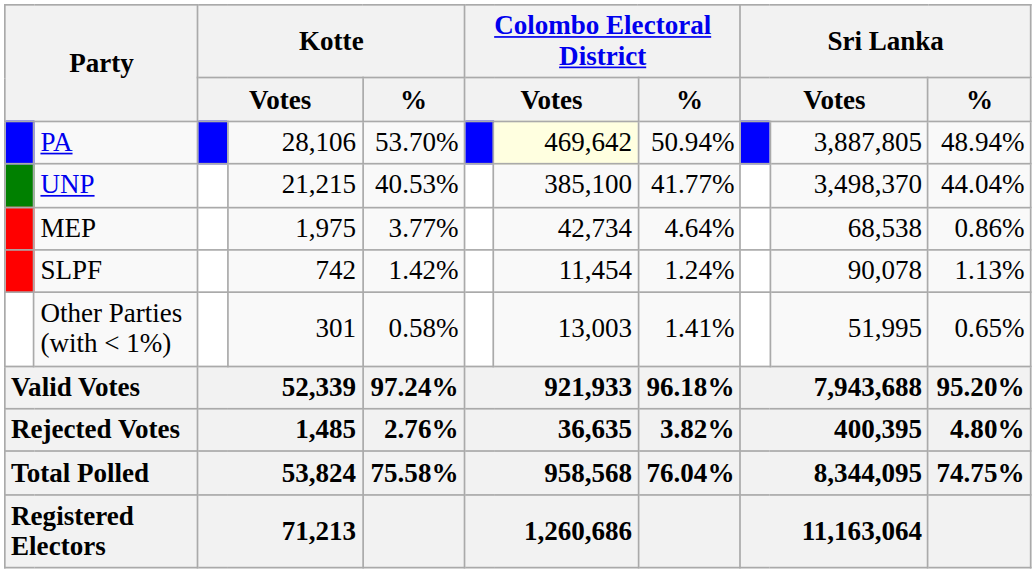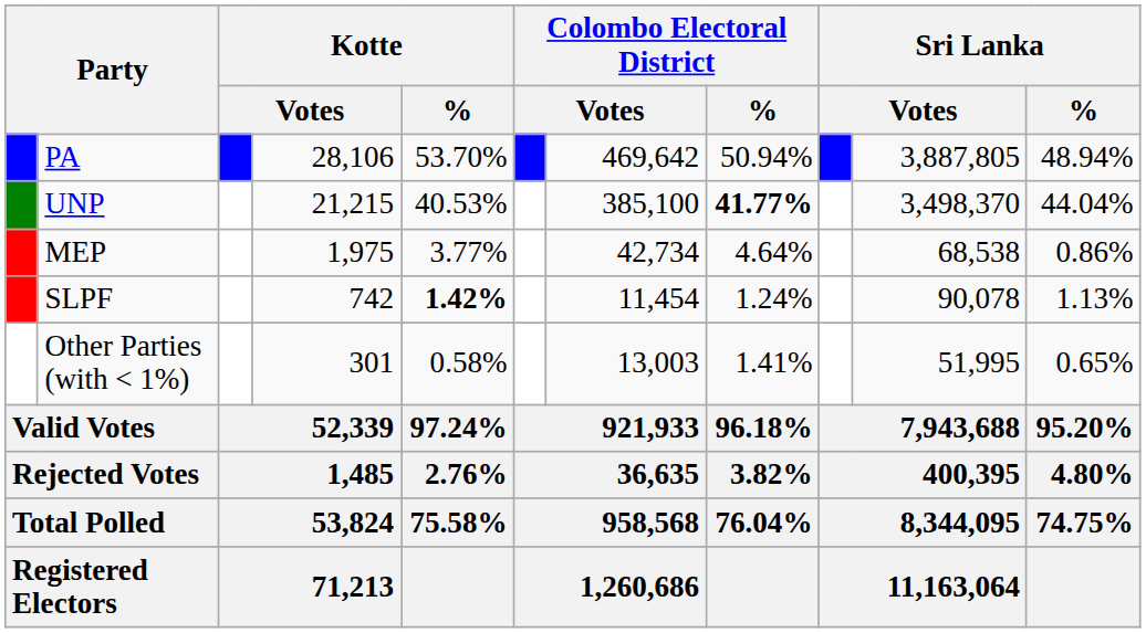 <table class="wikitable">
 <tr>
 <th colspan="2" width="144px"rowspan="2">Party</th>
 <th colspan="3" width="216px">Kotte</th>
 <th colspan="3" width="216px"><a href='#'>Colombo Electoral District</a></th>
 <th colspan="3" width="216px">Sri Lanka</th>
 </tr>
 <tr>
 <th colspan="2" width="144px">Votes</th>
 <th>%</th>
 <th colspan="2" width="144px">Votes</th>
 <th>%</th>
 <th colspan="2" width="144px">Votes</th>
 <th>%</th>
 </tr>
 <tr>
 <td style="background-color:blue;" width="10px"></td>
 <td style="text-align:left;"><a href='#'>PA</a></td>
 <td style="background-color:blue;" width="10px"></td>
 <td style="text-align:right;">28,106</td>
 <td style="text-align:right;">53.70%</td>
 <td style="background-color:blue;" width="10px"></td>
-<td style="background: lightyellow; text-align:right;">469,642</td>
+<td style="text-align:right;">469,642</td>
 <td style="text-align:right;">50.94%</td>
 <td style="background-color:blue;" width="10px"></td>
 <td style="text-align:right;">3,887,805</td>
 <td style="text-align:right;">48.94%</td>
 </tr>
 <tr>
 <td style="background-color:green;" width="10px"></td>
 <td style="text-align:left;"><a href='#'>UNP</a></td>
 <td style="background-color:white;" width="10px"></td>
 <td style="text-align:right;">21,215</td>
 <td style="text-align:right;">40.53%</td>
 <td style="background-color:white;" width="10px"></td>
 <td style="text-align:right;">385,100</td>
-<td style="text-align:right;">41.77%</td>
+<td style="text-align:right;"><strong>41.77%</strong></td>
 <td style="background-color:white;" width="10px"></td>
 <td style="text-align:right;">3,498,370</td>
 <td style="text-align:right;">44.04%</td>
 </tr>
 <tr>
 <td style="background-color:red;" width="10px"></td>
 <td style="text-align:left;">MEP</td>
 <td style="background-color:white;" width="10px"></td>
 <td style="text-align:right;">1,975</td>
 <td style="text-align:right;">3.77%</td>
 <td style="background-color:white;" width="10px"></td>
 <td style="text-align:right;">42,734</td>
 <td style="text-align:right;">4.64%</td>
 <td style="background-color:white;" width="10px"></td>
 <td style="text-align:right;">68,538</td>
 <td style="text-align:right;">0.86%</td>
 </tr>
 <tr>
 <td style="background-color:red;" width="10px"></td>
 <td style="text-align:left;">SLPF</td>
 <td style="background-color:white;" width="10px"></td>
 <td style="text-align:right;">742</td>
-<td style="text-align:right;">1.42%</td>
+<td style="text-align:right;"><strong>1.42%</strong></td>
 <td style="background-color:white;" width="10px"></td>
 <td style="text-align:right;">11,454</td>
 <td style="text-align:right;">1.24%</td>
 <td style="background-color:white;" width="10px"></td>
 <td style="text-align:right;">90,078</td>
 <td style="text-align:right;">1.13%</td>
 </tr>
 <tr>
 <td style="background-color:white;" width="10px"></td>
 <td style="text-align:left;">Other Parties (with < 1%)</td>
 <td style="background-color:white;" width="10px"></td>
 <td style="text-align:right;">301</td>
 <td style="text-align:right;">0.58%</td>
 <td style="background-color:white;" width="10px"></td>
 <td style="text-align:right;">13,003</td>
 <td style="text-align:right;">1.41%</td>
 <td style="background-color:white;" width="10px"></td>
 <td style="text-align:right;">51,995</td>
 <td style="text-align:right;">0.65%</td>
 </tr>
 <tr>
 <th colspan="2" width="144px"style="text-align:left;">Valid Votes</th>
 <th style="text-align:right;"colspan="2" width="144px">52,339</th>
 <th style="text-align:right;">97.24%</th>
 <th style="text-align:right;"colspan="2" width="144px">921,933</th>
 <th style="text-align:right;">96.18%</th>
 <th style="text-align:right;"colspan="2" width="144px">7,943,688</th>
 <th style="text-align:right;">95.20%</th>
 </tr>
 <tr>
 <th colspan="2" width="144px"style="text-align:left;">Rejected Votes</th>
 <th style="text-align:right;"colspan="2" width="144px">1,485</th>
 <th style="text-align:right;">2.76%</th>
 <th style="text-align:right;"colspan="2" width="144px">36,635</th>
 <th style="text-align:right;">3.82%</th>
 <th style="text-align:right;"colspan="2" width="144px">400,395</th>
 <th style="text-align:right;">4.80%</th>
 </tr>
 <tr>
 <th colspan="2" width="144px"style="text-align:left;">Total Polled</th>
 <th style="text-align:right;"colspan="2" width="144px">53,824</th>
 <th style="text-align:right;">75.58%</th>
 <th style="text-align:right;"colspan="2" width="144px">958,568</th>
 <th style="text-align:right;">76.04%</th>
 <th style="text-align:right;"colspan="2" width="144px">8,344,095</th>
 <th style="text-align:right;">74.75%</th>
 </tr>
 <tr>
 <th colspan="2" width="144px"style="text-align:left;">Registered Electors</th>
 <th style="text-align:right;"colspan="2" width="144px">71,213</th>
 <th></th>
 <th style="text-align:right;"colspan="2" width="144px">1,260,686</th>
 <th></th>
 <th style="text-align:right;"colspan="2" width="144px">11,163,064</th>
 <th></th>
 </tr>
 </table>
